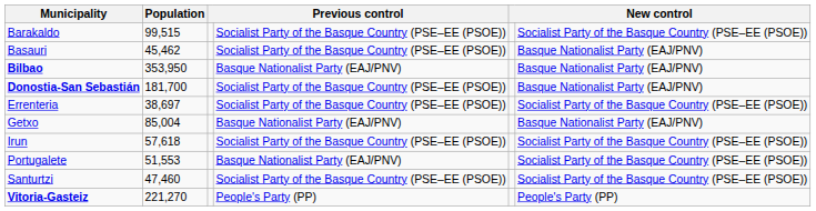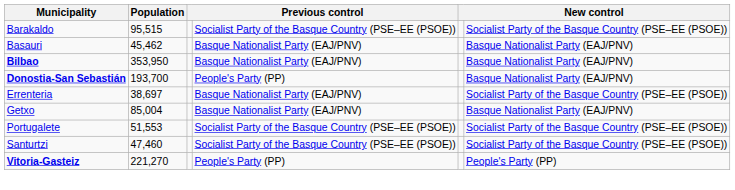 <table class="wikitable sortable">
 <tr>
 <th>Municipality</th>
 <th>Population</th>
 <th colspan="2" style="width:375px;">Previous control</th>
 <th colspan="2" style="width:375px;">New control</th>
 </tr>
 <tr>
 <td><a href='#'>Barakaldo</a></td>
-<td>99,515</td>
+<td>95,515</td>
 <td width="1" style="color:inherit;background:"></td>
 <td><a href='#'>Socialist Party of the Basque Country</a> (PSE–EE (PSOE))</td>
 <td width="1" style="color:inherit;background:"></td>
 <td><a href='#'>Socialist Party of the Basque Country</a> (PSE–EE (PSOE))</td>
 </tr>
 <tr>
 <td><a href='#'>Basauri</a></td>
 <td>45,462</td>
 <td style="color:inherit;background:"></td>
-<td><a href='#'>Socialist Party of the Basque Country</a> (PSE–EE (PSOE))</td>
+<td><a href='#'>Basque Nationalist Party</a> (EAJ/PNV)</td>
 <td style="color:inherit;background:"></td>
 <td><a href='#'>Basque Nationalist Party</a> (EAJ/PNV)</td>
 </tr>
 <tr>
 <td><strong><a href='#'>Bilbao</a></strong></td>
 <td>353,950</td>
 <td style="color:inherit;background:"></td>
 <td><a href='#'>Basque Nationalist Party</a> (EAJ/PNV)</td>
 <td style="color:inherit;background:"></td>
 <td><a href='#'>Basque Nationalist Party</a> (EAJ/PNV)</td>
 </tr>
 <tr>
 <td><strong><a href='#'>Donostia-San Sebastián</a></strong></td>
-<td>181,700</td>
+<td>193,700</td>
 <td style="color:inherit;background:"></td>
-<td><a href='#'>Socialist Party of the Basque Country</a> (PSE–EE (PSOE))</td>
+<td><a href='#'>People's Party</a> (PP)</td>
 <td style="color:inherit;background:"></td>
 <td><a href='#'>Basque Nationalist Party</a> (EAJ/PNV)</td>
 </tr>
 <tr>
 <td><a href='#'>Errenteria</a></td>
 <td>38,697</td>
 <td style="color:inherit;background:"></td>
-<td><a href='#'>Socialist Party of the Basque Country</a> (PSE–EE (PSOE))</td>
+<td><a href='#'>Basque Nationalist Party</a> (EAJ/PNV)</td>
 <td style="color:inherit;background:"></td>
 <td><a href='#'>Socialist Party of the Basque Country</a> (PSE–EE (PSOE))</td>
 </tr>
 <tr>
 <td><a href='#'>Getxo</a></td>
 <td>85,004</td>
 <td style="color:inherit;background:"></td>
 <td><a href='#'>Basque Nationalist Party</a> (EAJ/PNV)</td>
 <td style="color:inherit;background:"></td>
 <td><a href='#'>Basque Nationalist Party</a> (EAJ/PNV)</td>
 </tr>
 <tr>
-<td><a href='#'>Irun</a></td>
-<td>57,618</td>
-<td style="color:inherit;background:"></td>
-<td><a href='#'>Socialist Party of the Basque Country</a> (PSE–EE (PSOE))</td>
-<td style="color:inherit;background:"></td>
-<td><a href='#'>Socialist Party of the Basque Country</a> (PSE–EE (PSOE))</td>
-</tr>
-<tr>
 <td><a href='#'>Portugalete</a></td>
 <td>51,553</td>
 <td style="color:inherit;background:"></td>
-<td><a href='#'>Basque Nationalist Party</a> (EAJ/PNV)</td>
+<td><a href='#'>Socialist Party of the Basque Country</a> (PSE–EE (PSOE))</td>
 <td style="color:inherit;background:"></td>
 <td><a href='#'>Socialist Party of the Basque Country</a> (PSE–EE (PSOE))</td>
 </tr>
 <tr>
 <td><a href='#'>Santurtzi</a></td>
 <td>47,460</td>
 <td style="color:inherit;background:"></td>
 <td><a href='#'>Socialist Party of the Basque Country</a> (PSE–EE (PSOE))</td>
 <td style="color:inherit;background:"></td>
 <td><a href='#'>Socialist Party of the Basque Country</a> (PSE–EE (PSOE))</td>
 </tr>
 <tr>
 <td><strong><a href='#'>Vitoria-Gasteiz</a></strong></td>
 <td>221,270</td>
 <td style="color:inherit;background:"></td>
 <td><a href='#'>People's Party</a> (PP)</td>
 <td style="color:inherit;background:"></td>
 <td><a href='#'>People's Party</a> (PP)</td>
 </tr>
 </table>
